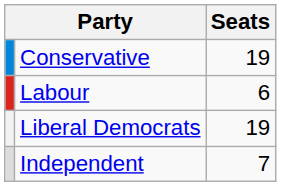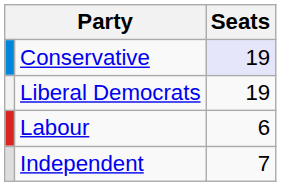 <table class="wikitable">
 <tr>
 <th colspan=2>Party</th>
 <th>Seats</th>
 </tr>
 <tr>
 <th style="background-color: #0087DC"></th>
 <td><a href='#'>Conservative</a></td>
+<td align=right style="background: lavender;">19</td>
+</tr>
+<tr>
+<th style="background-color: "></th>
+<td><a href='#'>Liberal Democrats</a></td>
 <td align=right>19</td>
 </tr>
 <tr>
 <th style="background-color: #DC241f"></th>
 <td><a href='#'>Labour</a></td>
 <td align=right>6</td>
 </tr>
 <tr>
-<th style="background-color: "></th>
-<td><a href='#'>Liberal Democrats</a></td>
-<td align=right>19</td>
-</tr>
-<tr>
 <th style="background-color: #DDDDDD"></th>
 <td><a href='#'>Independent</a></td>
 <td align=right>7</td>
 </tr>
 </table>
